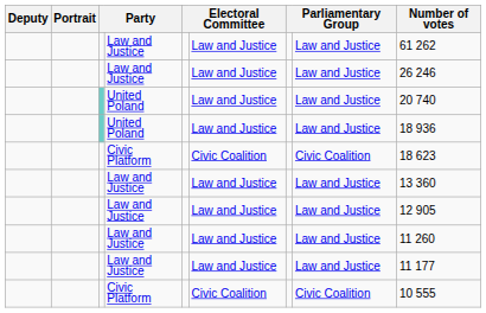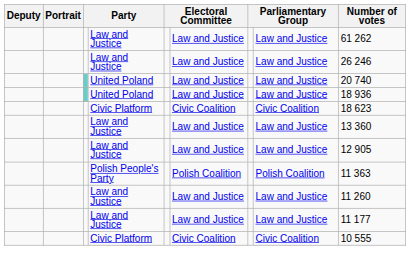 <table class="wikitable sortable" style="font-size:95%;line-height:14px;">
 <tr>
 <th>Deputy</th>
 <th>Portrait</th>
 <th colspan="2">Party</th>
 <th colspan="2">Electoral Committee</th>
 <th colspan="2">Parliamentary Group</th>
 <th>Number of votes</th>
 </tr>
 <tr>
 <td></td>
 <td></td>
 <td style="background:"></td>
 <td><a href='#'>Law and Justice</a></td>
 <td style="background:"></td>
 <td><a href='#'>Law and Justice</a></td>
 <td style="background:"></td>
 <td><a href='#'>Law and Justice</a></td>
 <td>61 262</td>
 </tr>
 <tr>
 <td></td>
 <td></td>
 <td style="background:"></td>
 <td><a href='#'>Law and Justice</a></td>
 <td style="background:"></td>
 <td><a href='#'>Law and Justice</a></td>
 <td style="background:"></td>
 <td><a href='#'>Law and Justice</a></td>
 <td>26 246</td>
 </tr>
 <tr>
 <td></td>
 <td></td>
 <td style="background:#6acec8;"></td>
 <td><a href='#'>United Poland</a></td>
 <td style="background:"></td>
 <td><a href='#'>Law and Justice</a></td>
 <td style="background:"></td>
 <td><a href='#'>Law and Justice</a></td>
 <td>20 740</td>
 </tr>
 <tr>
 <td></td>
 <td></td>
 <td style="background:#6acec8;"></td>
 <td><a href='#'>United Poland</a></td>
 <td style="background:"></td>
 <td><a href='#'>Law and Justice</a></td>
 <td style="background:"></td>
 <td><a href='#'>Law and Justice</a></td>
 <td>18 936</td>
 </tr>
 <tr>
 <td></td>
 <td></td>
 <td style="background:"></td>
 <td><a href='#'>Civic Platform</a></td>
 <td style="background:"></td>
 <td><a href='#'>Civic Coalition</a></td>
 <td style="background:"></td>
 <td><a href='#'>Civic Coalition</a></td>
 <td>18 623</td>
 </tr>
 <tr>
 <td></td>
 <td></td>
 <td style="background:"></td>
 <td><a href='#'>Law and Justice</a></td>
 <td style="background:"></td>
 <td><a href='#'>Law and Justice</a></td>
 <td style="background:"></td>
 <td><a href='#'>Law and Justice</a></td>
 <td>13 360</td>
 </tr>
 <tr>
 <td></td>
 <td></td>
 <td style="background:"></td>
 <td><a href='#'>Law and Justice</a></td>
 <td style="background:"></td>
 <td><a href='#'>Law and Justice</a></td>
 <td style="background:"></td>
 <td><a href='#'>Law and Justice</a></td>
 <td>12 905</td>
 </tr>
 <tr>
 <td></td>
 <td></td>
 <td style="background:"></td>
+<td><a href='#'>Polish People's Party</a></td>
+<td style="background:"></td>
+<td><a href='#'>Polish Coalition</a></td>
+<td style="background:"></td>
+<td><a href='#'>Polish Coalition</a></td>
+<td>11 363</td>
+</tr>
+<tr>
+<td></td>
+<td></td>
+<td style="background:"></td>
 <td><a href='#'>Law and Justice</a></td>
 <td style="background:"></td>
 <td><a href='#'>Law and Justice</a></td>
 <td style="background:"></td>
 <td><a href='#'>Law and Justice</a></td>
 <td>11 260</td>
 </tr>
 <tr>
 <td></td>
 <td></td>
 <td style="background:"></td>
 <td><a href='#'>Law and Justice</a></td>
 <td style="background:"></td>
 <td><a href='#'>Law and Justice</a></td>
 <td style="background:"></td>
 <td><a href='#'>Law and Justice</a></td>
 <td>11 177</td>
 </tr>
 <tr>
 <td></td>
 <td></td>
 <td style="background:"></td>
 <td><a href='#'>Civic Platform</a></td>
 <td style="background:"></td>
 <td><a href='#'>Civic Coalition</a></td>
 <td style="background:"></td>
 <td><a href='#'>Civic Coalition</a></td>
 <td>10 555</td>
 </tr>
 </table>
